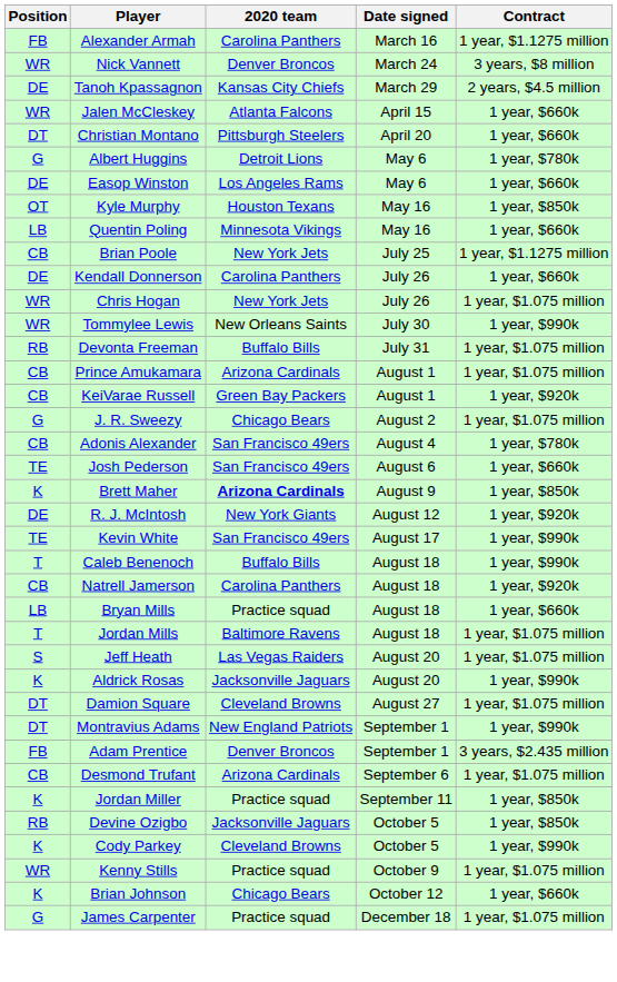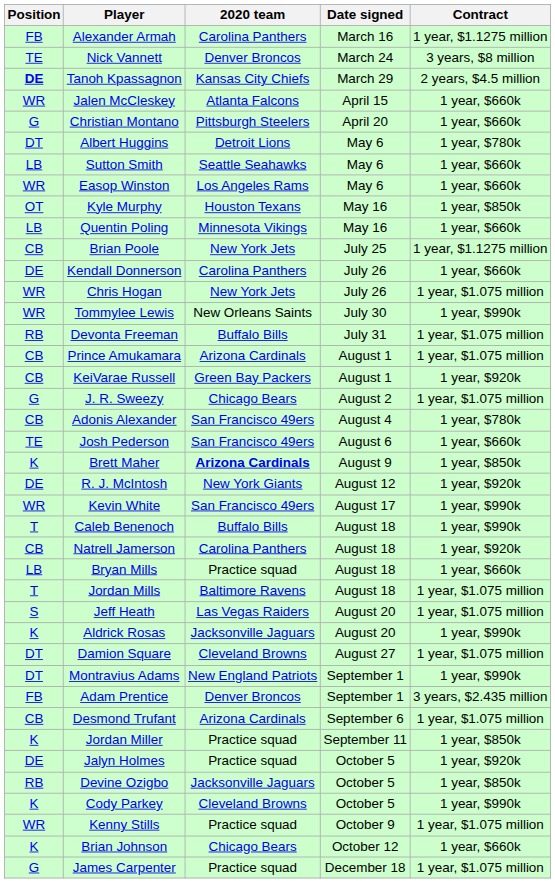 <table class="wikitable" style="text-align:center">
 <tr>
 <th>Position</th>
 <th>Player</th>
 <th>2020 team</th>
 <th>Date signed</th>
 <th>Contract</th>
 </tr>
 <tr style="background:#cfc">
 <td><a href='#'>FB</a></td>
 <td><a href='#'>Alexander Armah</a></td>
 <td><a href='#'>Carolina Panthers</a></td>
 <td>March 16</td>
 <td>1 year, $1.1275 million</td>
 </tr>
 <tr style="background:#cfc">
-<td><a href='#'>WR</a></td>
+<td><a href='#'>TE</a></td>
 <td><a href='#'>Nick Vannett</a></td>
 <td><a href='#'>Denver Broncos</a></td>
 <td>March 24</td>
 <td>3 years, $8 million</td>
 </tr>
 <tr style="background:#cfc">
-<td><a href='#'>DE</a></td>
+<td><strong><a href='#'>DE</a></strong></td>
 <td><a href='#'>Tanoh Kpassagnon</a></td>
 <td><a href='#'>Kansas City Chiefs</a></td>
 <td>March 29</td>
 <td>2 years, $4.5 million</td>
 </tr>
 <tr style="background:#cfc">
 <td><a href='#'>WR</a></td>
 <td><a href='#'>Jalen McCleskey</a></td>
 <td><a href='#'>Atlanta Falcons</a></td>
 <td>April 15</td>
 <td>1 year, $660k</td>
 </tr>
 <tr style="background:#cfc">
-<td><a href='#'>DT</a></td>
+<td><a href='#'>G</a></td>
 <td><a href='#'>Christian Montano</a></td>
 <td><a href='#'>Pittsburgh Steelers</a></td>
 <td>April 20</td>
 <td>1 year, $660k</td>
 </tr>
 <tr style="background:#cfc">
-<td><a href='#'>G</a></td>
+<td><a href='#'>DT</a></td>
 <td><a href='#'>Albert Huggins</a></td>
 <td><a href='#'>Detroit Lions</a></td>
 <td>May 6</td>
 <td>1 year, $780k</td>
 </tr>
 <tr style="background:#cfc">
-<td><a href='#'>DE</a></td>
+<td><a href='#'>LB</a></td>
+<td><a href='#'>Sutton Smith</a></td>
+<td><a href='#'>Seattle Seahawks</a></td>
+<td>May 6</td>
+<td>1 year, $660k</td>
+</tr>
+<tr style="background:#cfc">
+<td><a href='#'>WR</a></td>
 <td><a href='#'>Easop Winston</a></td>
 <td><a href='#'>Los Angeles Rams</a></td>
 <td>May 6</td>
 <td>1 year, $660k</td>
 </tr>
 <tr style="background:#cfc">
 <td><a href='#'>OT</a></td>
 <td><a href='#'>Kyle Murphy</a></td>
 <td><a href='#'>Houston Texans</a></td>
 <td>May 16</td>
 <td>1 year, $850k</td>
 </tr>
 <tr style="background:#cfc">
 <td><a href='#'>LB</a></td>
 <td><a href='#'>Quentin Poling</a></td>
 <td><a href='#'>Minnesota Vikings</a></td>
 <td>May 16</td>
 <td>1 year, $660k</td>
 </tr>
 <tr style="background:#cfc">
 <td><a href='#'>CB</a></td>
 <td><a href='#'>Brian Poole</a></td>
 <td><a href='#'>New York Jets</a></td>
 <td>July 25</td>
 <td>1 year, $1.1275 million</td>
 </tr>
 <tr style="background:#cfc">
 <td><a href='#'>DE</a></td>
 <td><a href='#'>Kendall Donnerson</a></td>
 <td><a href='#'>Carolina Panthers</a></td>
 <td>July 26</td>
 <td>1 year, $660k</td>
 </tr>
 <tr style="background:#cfc">
 <td><a href='#'>WR</a></td>
 <td><a href='#'>Chris Hogan</a></td>
 <td><a href='#'>New York Jets</a></td>
 <td>July 26</td>
 <td>1 year, $1.075 million</td>
 </tr>
 <tr style="background:#cfc">
 <td><a href='#'>WR</a></td>
 <td><a href='#'>Tommylee Lewis</a></td>
 <td>New Orleans Saints</td>
 <td>July 30</td>
 <td>1 year, $990k</td>
 </tr>
 <tr style="background:#cfc">
 <td><a href='#'>RB</a></td>
 <td><a href='#'>Devonta Freeman</a></td>
 <td><a href='#'>Buffalo Bills</a></td>
 <td>July 31</td>
 <td>1 year, $1.075 million</td>
 </tr>
 <tr style="background:#cfc">
 <td><a href='#'>CB</a></td>
 <td><a href='#'>Prince Amukamara</a></td>
 <td><a href='#'>Arizona Cardinals</a></td>
 <td>August 1</td>
 <td>1 year, $1.075 million</td>
 </tr>
 <tr style="background:#cfc">
 <td><a href='#'>CB</a></td>
 <td><a href='#'>KeiVarae Russell</a></td>
 <td><a href='#'>Green Bay Packers</a></td>
 <td>August 1</td>
 <td>1 year, $920k</td>
 </tr>
 <tr style="background:#cfc">
 <td><a href='#'>G</a></td>
 <td><a href='#'>J. R. Sweezy</a></td>
 <td><a href='#'>Chicago Bears</a></td>
 <td>August 2</td>
 <td>1 year, $1.075 million</td>
 </tr>
 <tr style="background:#cfc">
 <td><a href='#'>CB</a></td>
 <td><a href='#'>Adonis Alexander</a></td>
 <td><a href='#'>San Francisco 49ers</a></td>
 <td>August 4</td>
 <td>1 year, $780k</td>
 </tr>
 <tr style="background:#cfc">
 <td><a href='#'>TE</a></td>
 <td><a href='#'>Josh Pederson</a></td>
 <td><a href='#'>San Francisco 49ers</a></td>
 <td>August 6</td>
 <td>1 year, $660k</td>
 </tr>
 <tr style="background:#cfc">
 <td><a href='#'>K</a></td>
 <td><a href='#'>Brett Maher</a></td>
 <td><strong><a href='#'>Arizona Cardinals</a></strong></td>
 <td>August 9</td>
 <td>1 year, $850k</td>
 </tr>
 <tr style="background:#cfc">
 <td><a href='#'>DE</a></td>
 <td><a href='#'>R. J. McIntosh</a></td>
 <td><a href='#'>New York Giants</a></td>
 <td>August 12</td>
 <td>1 year, $920k</td>
 </tr>
 <tr style="background:#cfc">
-<td><a href='#'>TE</a></td>
+<td><a href='#'>WR</a></td>
 <td><a href='#'>Kevin White</a></td>
 <td><a href='#'>San Francisco 49ers</a></td>
 <td>August 17</td>
 <td>1 year, $990k</td>
 </tr>
 <tr style="background:#cfc">
 <td><a href='#'>T</a></td>
 <td><a href='#'>Caleb Benenoch</a></td>
 <td><a href='#'>Buffalo Bills</a></td>
 <td>August 18</td>
 <td>1 year, $990k</td>
 </tr>
 <tr style="background:#cfc">
 <td><a href='#'>CB</a></td>
 <td><a href='#'>Natrell Jamerson</a></td>
 <td><a href='#'>Carolina Panthers</a></td>
 <td>August 18</td>
 <td>1 year, $920k</td>
 </tr>
 <tr style="background:#cfc">
 <td><a href='#'>LB</a></td>
 <td><a href='#'>Bryan Mills</a></td>
 <td>Practice squad</td>
 <td>August 18</td>
 <td>1 year, $660k</td>
 </tr>
 <tr style="background:#cfc">
 <td><a href='#'>T</a></td>
 <td><a href='#'>Jordan Mills</a></td>
 <td><a href='#'>Baltimore Ravens</a></td>
 <td>August 18</td>
 <td>1 year, $1.075 million</td>
 </tr>
 <tr style="background:#cfc">
 <td><a href='#'>S</a></td>
 <td><a href='#'>Jeff Heath</a></td>
 <td><a href='#'>Las Vegas Raiders</a></td>
 <td>August 20</td>
 <td>1 year, $1.075 million</td>
 </tr>
 <tr style="background:#cfc">
 <td><a href='#'>K</a></td>
 <td><a href='#'>Aldrick Rosas</a></td>
 <td><a href='#'>Jacksonville Jaguars</a></td>
 <td>August 20</td>
 <td>1 year, $990k</td>
 </tr>
 <tr style="background:#cfc">
 <td><a href='#'>DT</a></td>
 <td><a href='#'>Damion Square</a></td>
 <td><a href='#'>Cleveland Browns</a></td>
 <td>August 27</td>
 <td>1 year, $1.075 million</td>
 </tr>
 <tr style="background:#cfc">
 <td><a href='#'>DT</a></td>
 <td><a href='#'>Montravius Adams</a></td>
 <td><a href='#'>New England Patriots</a></td>
 <td>September 1</td>
 <td>1 year, $990k</td>
 </tr>
 <tr style="background:#cfc">
 <td><a href='#'>FB</a></td>
 <td><a href='#'>Adam Prentice</a></td>
 <td><a href='#'>Denver Broncos</a></td>
 <td>September 1</td>
 <td>3 years, $2.435 million</td>
 </tr>
 <tr style="background:#cfc">
 <td><a href='#'>CB</a></td>
 <td><a href='#'>Desmond Trufant</a></td>
 <td><a href='#'>Arizona Cardinals</a></td>
 <td>September 6</td>
 <td>1 year, $1.075 million</td>
 </tr>
 <tr style="background:#cfc">
 <td><a href='#'>K</a></td>
 <td><a href='#'>Jordan Miller</a></td>
 <td>Practice squad</td>
 <td>September 11</td>
 <td>1 year, $850k</td>
 </tr>
 <tr style="background:#cfc">
+<td><a href='#'>DE</a></td>
+<td><a href='#'>Jalyn Holmes</a></td>
+<td>Practice squad</td>
+<td>October 5</td>
+<td>1 year, $920k</td>
+</tr>
+<tr style="background:#cfc">
 <td><a href='#'>RB</a></td>
 <td><a href='#'>Devine Ozigbo</a></td>
 <td><a href='#'>Jacksonville Jaguars</a></td>
 <td>October 5</td>
 <td>1 year, $850k</td>
 </tr>
 <tr style="background:#cfc">
 <td><a href='#'>K</a></td>
 <td><a href='#'>Cody Parkey</a></td>
 <td><a href='#'>Cleveland Browns</a></td>
 <td>October 5</td>
 <td>1 year, $990k</td>
 </tr>
 <tr style="background:#cfc">
 <td><a href='#'>WR</a></td>
 <td><a href='#'>Kenny Stills</a></td>
 <td>Practice squad</td>
 <td>October 9</td>
 <td>1 year, $1.075 million</td>
 </tr>
 <tr style="background:#cfc">
 <td><a href='#'>K</a></td>
 <td><a href='#'>Brian Johnson</a></td>
 <td><a href='#'>Chicago Bears</a></td>
 <td>October 12</td>
 <td>1 year, $660k</td>
 </tr>
 <tr style="background:#cfc">
 <td><a href='#'>G</a></td>
 <td><a href='#'>James Carpenter</a></td>
 <td>Practice squad</td>
 <td>December 18</td>
 <td>1 year, $1.075 million</td>
 </tr>
 </table>
